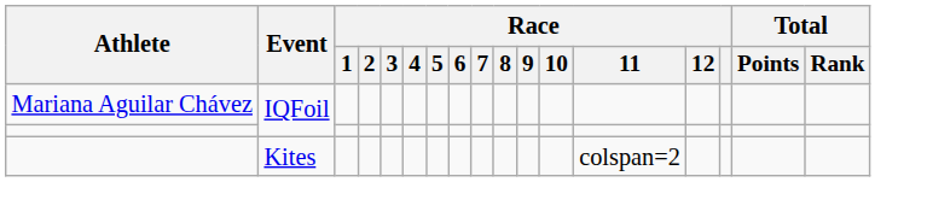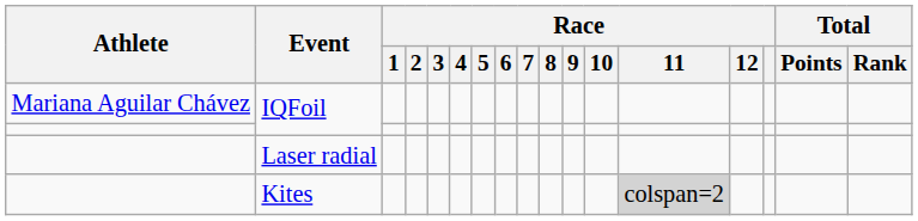 <table class="wikitable" style="font-size:90%;text-align:center">
 <tr>
 <th rowspan="2">Athlete</th>
 <th rowspan="2">Event</th>
 <th colspan="13">Race</th>
 <th colspan="2">Total</th>
 </tr>
 <tr style="font-size:95%">
 <th>1</th>
 <th>2</th>
 <th>3</th>
 <th>4</th>
 <th>5</th>
 <th>6</th>
 <th>7</th>
 <th>8</th>
 <th>9</th>
 <th>10</th>
 <th>11</th>
 <th>12</th>
 <th></th>
 <th>Points</th>
 <th>Rank</th>
 </tr>
 <tr>
 <td align=left><a href='#'>Mariana Aguilar Chávez</a></td>
 <td align=left rowspan=2><a href='#'>IQFoil</a></td>
 <td></td>
 <td></td>
 <td></td>
 <td></td>
 <td></td>
 <td></td>
 <td></td>
 <td></td>
 <td></td>
 <td></td>
 <td></td>
 <td></td>
 <td></td>
 <td></td>
 <td></td>
 </tr>
 <tr>
 <td align=left></td>
 <td></td>
 <td></td>
 <td></td>
 <td></td>
 <td></td>
 <td></td>
 <td></td>
 <td></td>
 <td></td>
 <td></td>
 <td></td>
 <td></td>
 <td></td>
 <td></td>
 <td></td>
 </tr>
 <tr>
+<td align="left"></td>
+<td align="left"><a href='#'>Laser radial</a></td>
+<td></td>
+<td></td>
+<td></td>
+<td></td>
+<td></td>
+<td></td>
+<td></td>
+<td></td>
+<td></td>
+<td></td>
+<td></td>
+<td></td>
+<td></td>
+<td></td>
+<td></td>
+</tr>
+<tr>
 <td align=left></td>
 <td align=left><a href='#'>Kites</a></td>
 <td></td>
 <td></td>
 <td></td>
 <td></td>
 <td></td>
 <td></td>
 <td></td>
 <td></td>
 <td></td>
 <td></td>
-<td>colspan=2 </td>
+<td style="background: lightgrey;">colspan=2 </td>
 <td></td>
 <td></td>
 <td></td>
 </tr>
 </table>
